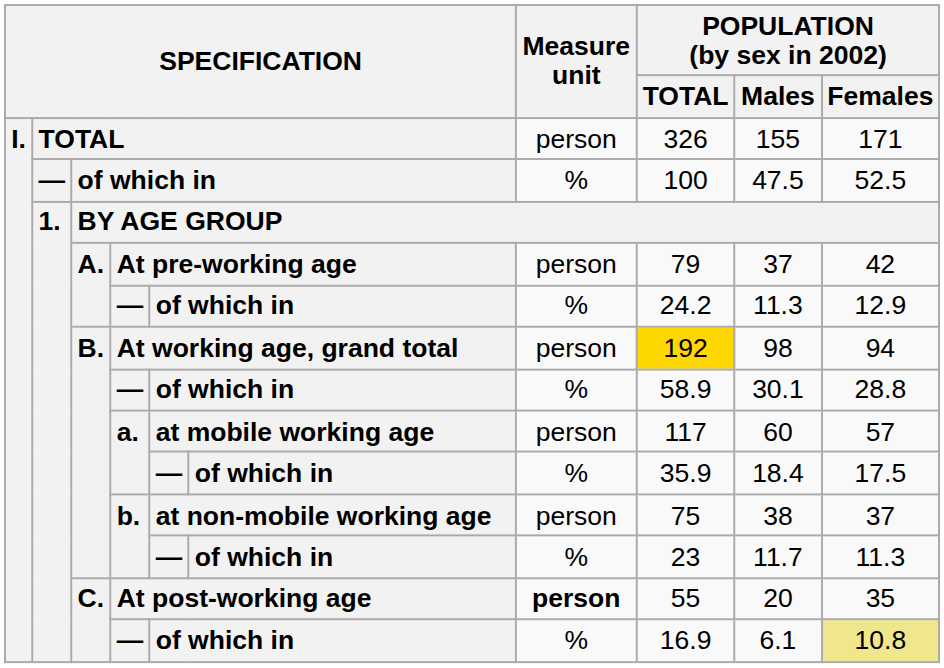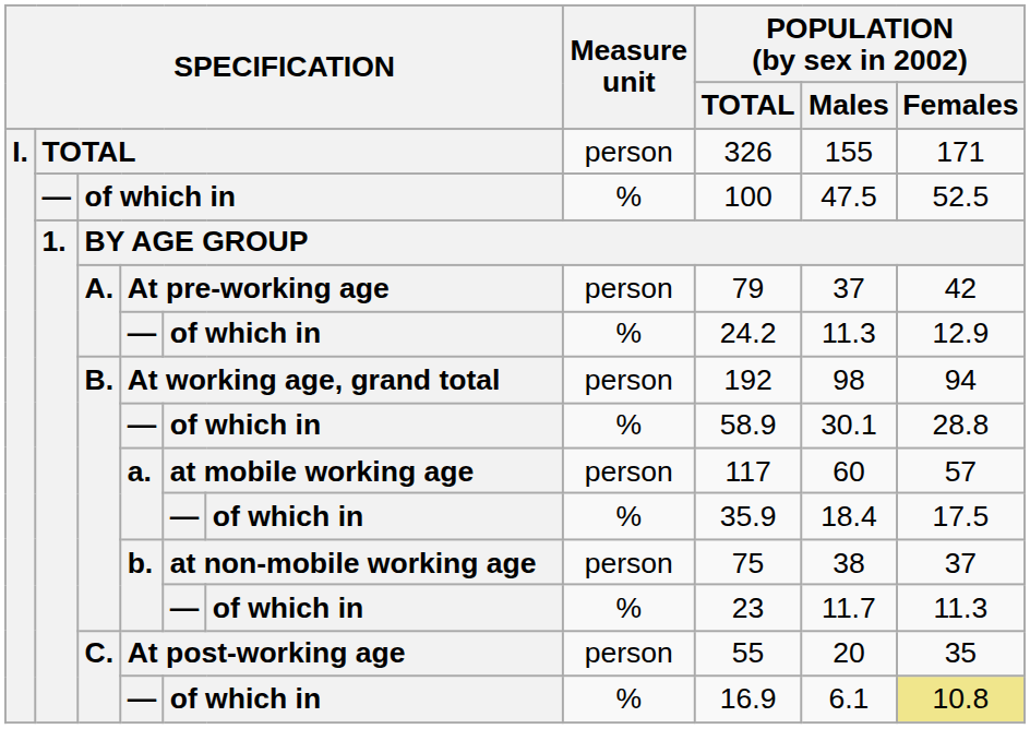 <table class="wikitable" style="font-size:85%; text-align:center">
 <tr>
 <th rowspan="2" colspan="6">SPECIFICATION</th>
 <th rowspan="2">Measure<br> unit</th>
 <th colspan="3" rowspan="1">POPULATION<br> (by sex in 2002)</th>
 </tr>
 <tr>
 <th>TOTAL</th>
 <th>Males</th>
 <th>Females</th>
 </tr>
 <tr>
 <th style="text-align:left" valign="top" rowspan="13">I.</th>
 <th style="text-align:left" colspan="5">TOTAL</th>
 <td>person</td>
 <td>326</td>
 <td>155</td>
 <td>171</td>
 </tr>
 <tr>
 <th style="text-align:left" valign="top">—</th>
 <th style="text-align:left" colspan="4">of which in</th>
 <td>%</td>
 <td>100</td>
 <td>47.5</td>
 <td>52.5</td>
 </tr>
 <tr>
 <th style="text-align:left" valign="top" rowspan="11">1.</th>
 <th style="text-align:left" colspan="19">BY AGE GROUP</th>
 </tr>
 <tr>
 <th style="text-align:left" valign="top" rowspan="2">A.</th>
 <th style="text-align:left" colspan="3">At pre-working age</th>
 <td>person</td>
 <td>79</td>
 <td>37</td>
 <td>42</td>
 </tr>
 <tr>
 <th style="text-align:left" valign="top">—</th>
 <th style="text-align:left" valign="top" colspan="2">of which in</th>
 <td>%</td>
 <td>24.2</td>
 <td>11.3</td>
 <td>12.9</td>
 </tr>
 <tr>
 <th style="text-align:left" valign="top" rowspan="6">B.</th>
 <th style="text-align:left" colspan="3">At working age, grand total</th>
 <td>person</td>
-<td style="background: gold;">192</td>
+<td>192</td>
 <td>98</td>
 <td>94</td>
 </tr>
 <tr>
 <th style="text-align:left" valign="top">—</th>
 <th style="text-align:left" valign="top" colspan="2">of which in</th>
 <td>%</td>
 <td>58.9</td>
 <td>30.1</td>
 <td>28.8</td>
 </tr>
 <tr>
 <th style="text-align:left" valign="top" rowspan="2">a.</th>
 <th style="text-align:left" colspan="2">at mobile working age</th>
 <td>person</td>
 <td>117</td>
 <td>60</td>
 <td>57</td>
 </tr>
 <tr>
 <th style="text-align:left" valign="top">—</th>
 <th style="text-align:left" valign="top" colspan="1">of which in                        </th>
 <td>%</td>
 <td>35.9</td>
 <td>18.4</td>
 <td>17.5</td>
 </tr>
 <tr>
 <th style="text-align:left" valign="top" rowspan="2">b.</th>
 <th style="text-align:left" colspan="2">at non-mobile working age</th>
 <td>person</td>
 <td>75</td>
 <td>38</td>
 <td>37</td>
 </tr>
 <tr>
 <th style="text-align:left" valign="top">—</th>
 <th style="text-align:left" valign="top" colspan="1">of which in                        </th>
 <td>%</td>
 <td>23</td>
 <td>11.7</td>
 <td>11.3</td>
 </tr>
 <tr>
 <th style="text-align:left" valign="top" rowspan="2">C.</th>
 <th style="text-align:left" colspan="3">At post-working age</th>
-<td><strong>person</strong></td>
+<td>person</td>
 <td>55</td>
 <td>20</td>
 <td>35</td>
 </tr>
 <tr>
 <th style="text-align:left" valign="top">—</th>
 <th style="text-align:left" valign="top" colspan="2">of which in</th>
 <td>%</td>
 <td>16.9</td>
 <td>6.1</td>
 <td style="background: khaki;">10.8</td>
 </tr>
 </table>
